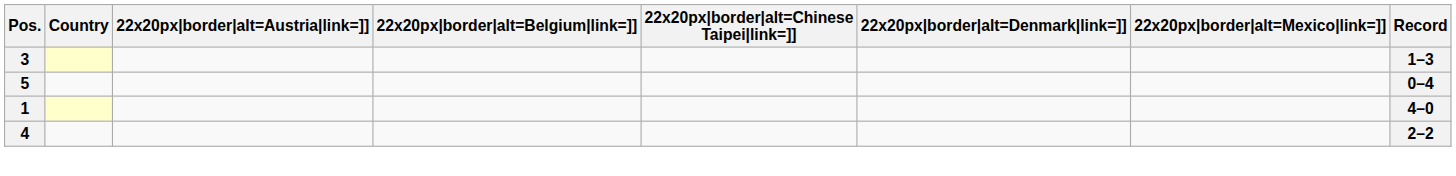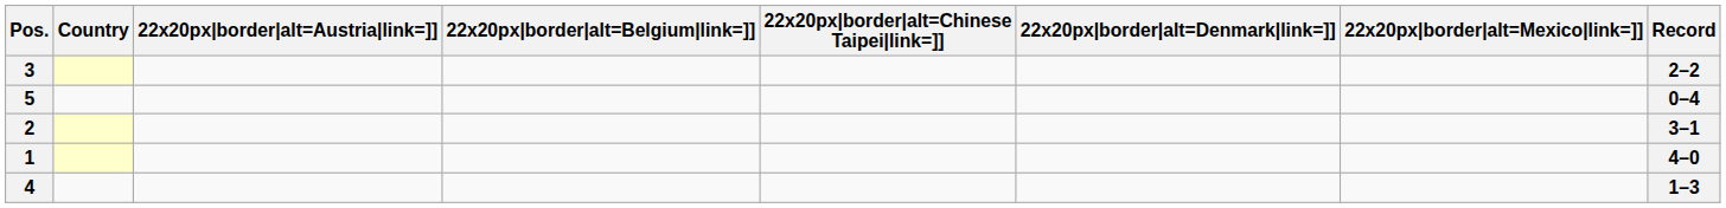 <table class="wikitable sortable nowrap" style="text-align:center; font-size:0.9em">
 <tr>
 <th>Pos.</th>
 <th>Country</th>
 <th [[Image:>22x20px|border|alt=Austria|link=]]</th>
 <th [[Image:>22x20px|border|alt=Belgium|link=]]</th>
 <th [[Image:>22x20px|border|alt=Chinese Taipei|link=]]</th>
 <th [[Image:>22x20px|border|alt=Denmark|link=]]</th>
 <th [[Image:>22x20px|border|alt=Mexico|link=]]</th>
 <th>Record</th>
 </tr>
 <tr>
 <th>3</th>
 <td style="text-align:left; background:#ffffcc;"></td>
 <td> </td>
 <td> </td>
 <td> </td>
 <td> </td>
 <td> </td>
-<th>1–3</th>
+<th>2–2</th>
 </tr>
 <tr>
 <th>5</th>
 <td style="text-align:left;"></td>
 <td> </td>
 <td> </td>
 <td> </td>
 <td> </td>
 <td> </td>
 <th>0–4</th>
+</tr>
+<tr>
+<th>2</th>
+<td style="text-align:left; background:#ffffcc;"></td>
+<td> </td>
+<td> </td>
+<td> </td>
+<td> </td>
+<td> </td>
+<th>3–1</th>
 </tr>
 <tr>
 <th>1</th>
 <td style="text-align:left; background:#ffffcc;"></td>
 <td> </td>
 <td> </td>
 <td> </td>
 <td> </td>
 <td> </td>
 <th>4–0</th>
 </tr>
 <tr>
 <th>4</th>
 <td style="text-align:left;"></td>
 <td> </td>
 <td> </td>
 <td> </td>
 <td> </td>
 <td> </td>
-<th>2–2</th>
+<th>1–3</th>
 </tr>
 </table>
